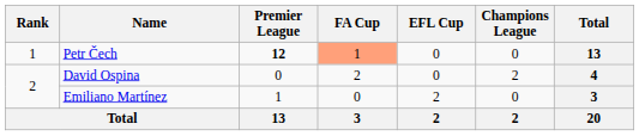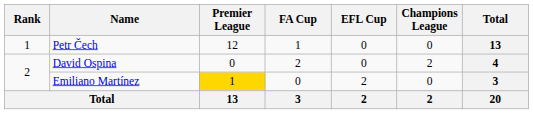 <table class="wikitable" style="text-align: center;">
 <tr>
 <th style="width:56px;">Rank</th>
 <th style="width:200px;">Name</th>
 <th style="width:84px;">Premier League</th>
 <th style="width:84px;">FA Cup</th>
 <th style="width:84px;">EFL Cup</th>
 <th style="width:84px;">Champions League</th>
 <th style="width:84px;">Total</th>
 </tr>
 <tr>
 <td>1</td>
 <td align=left> <a href='#'>Petr Čech</a></td>
-<td><strong>12</strong></td>
-<td style="background: lightsalmon;">1</td>
+<td>12</td>
+<td>1</td>
 <td>0</td>
 <td>0</td>
 <th>13</th>
 </tr>
 <tr>
 <td rowspan="2">2</td>
 <td align=left> <a href='#'>David Ospina</a></td>
 <td>0</td>
 <td>2</td>
 <td>0</td>
 <td>2</td>
 <th>4</th>
 </tr>
 <tr>
 <td align=left> <a href='#'>Emiliano Martínez</a></td>
-<td>1</td>
+<td style="background: gold;">1</td>
 <td>0</td>
 <td>2</td>
 <td>0</td>
 <th>3</th>
 </tr>
 <tr>
 <th colspan="2">Total</th>
 <th>13</th>
 <th>3</th>
 <th>2</th>
 <th>2</th>
 <th>20</th>
 </tr>
 </table>
